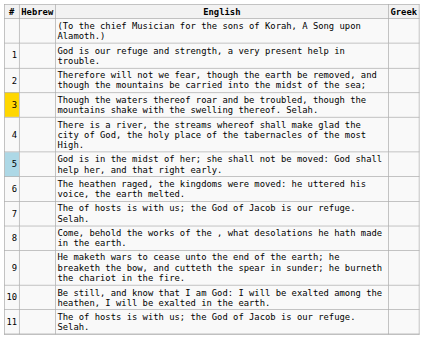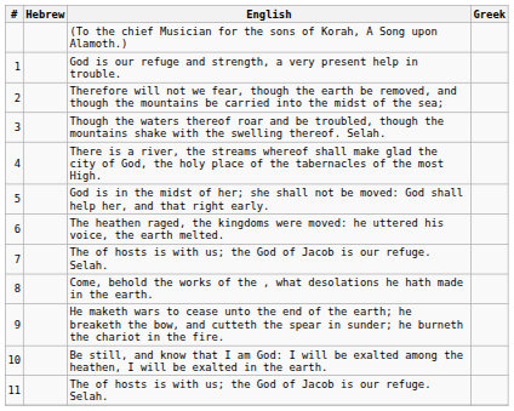 <table class=wikitable>
 <tr>
 <th>#</th>
 <th>Hebrew</th>
 <th>English</th>
 <th>Greek</th>
 </tr>
 <tr>
 <td style="text-align:right"></td>
 <td style="text-align:right"></td>
 <td>(To the chief Musician for the sons of Korah, A Song upon Alamoth.)</td>
 <td></td>
 </tr>
 <tr>
 <td style="text-align:right">1</td>
 <td style="text-align:right"></td>
 <td>God is our refuge and strength, a very present help in trouble.</td>
 <td></td>
 </tr>
 <tr>
 <td style="text-align:right">2</td>
 <td style="text-align:right"></td>
 <td>Therefore will not we fear, though the earth be removed, and though the mountains be carried into the midst of the sea;</td>
 <td></td>
 </tr>
 <tr>
-<td style="background: gold; text-align:right">3</td>
+<td style="text-align:right">3</td>
 <td style="text-align:right"></td>
 <td>Though the waters thereof roar and be troubled, though the mountains shake with the swelling thereof. Selah.</td>
 <td></td>
 </tr>
 <tr>
 <td style="text-align:right">4</td>
 <td style="text-align:right"></td>
 <td>There is a river, the streams whereof shall make glad the city of God, the holy place of the tabernacles of the most High.</td>
 <td></td>
 </tr>
 <tr>
-<td style="background: lightblue; text-align:right">5</td>
+<td style="text-align:right">5</td>
 <td style="text-align:right"></td>
 <td>God is in the midst of her; she shall not be moved: God shall help her, and that right early.</td>
 <td></td>
 </tr>
 <tr>
 <td style="text-align:right">6</td>
 <td style="text-align:right"></td>
 <td>The heathen raged, the kingdoms were moved: he uttered his voice, the earth melted.</td>
 <td></td>
 </tr>
 <tr>
 <td style="text-align:right">7</td>
 <td style="text-align:right"></td>
 <td>The  of hosts is with us; the God of Jacob is our refuge. Selah.</td>
 <td></td>
 </tr>
 <tr>
 <td style="text-align:right">8</td>
 <td style="text-align:right"></td>
 <td>Come, behold the works of the , what desolations he hath made in the earth.</td>
 <td></td>
 </tr>
 <tr>
 <td style="text-align:right">9</td>
 <td style="text-align:right"></td>
 <td>He maketh wars to cease unto the end of the earth; he breaketh the bow, and cutteth the spear in sunder; he burneth the chariot in the fire.</td>
 <td></td>
 </tr>
 <tr>
 <td style="text-align:right">10</td>
 <td style="text-align:right"></td>
 <td>Be still, and know that I am God: I will be exalted among the heathen, I will be exalted in the earth.</td>
 <td></td>
 </tr>
 <tr>
 <td style="text-align:right">11</td>
 <td style="text-align:right"></td>
 <td>The  of hosts is with us; the God of Jacob is our refuge. Selah.</td>
 <td></td>
 </tr>
 <tr>
 </tr>
 </table>
